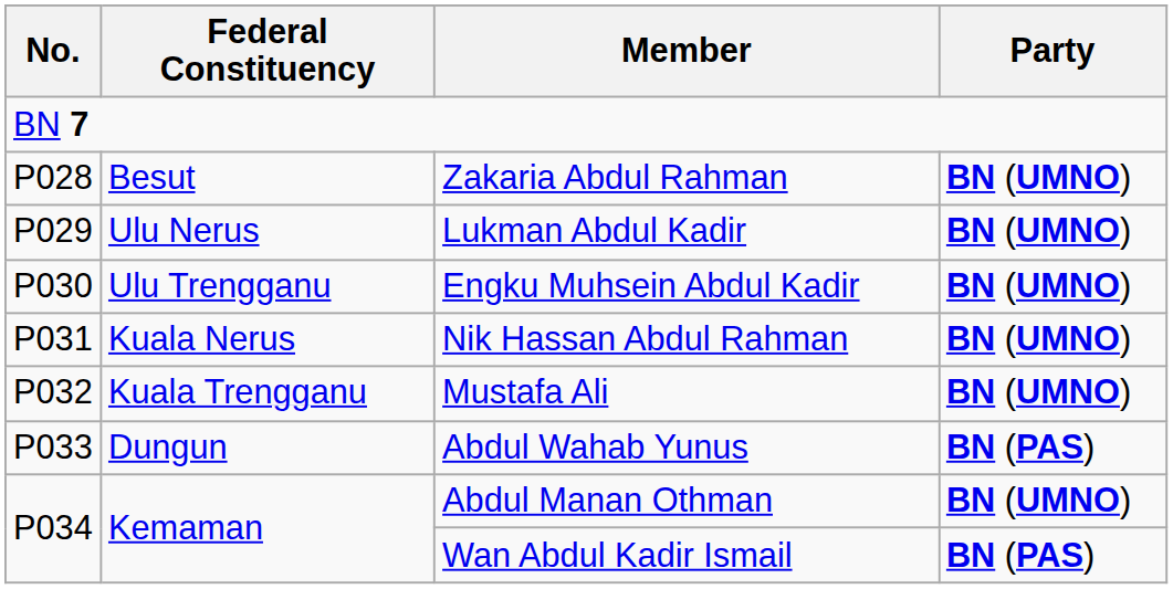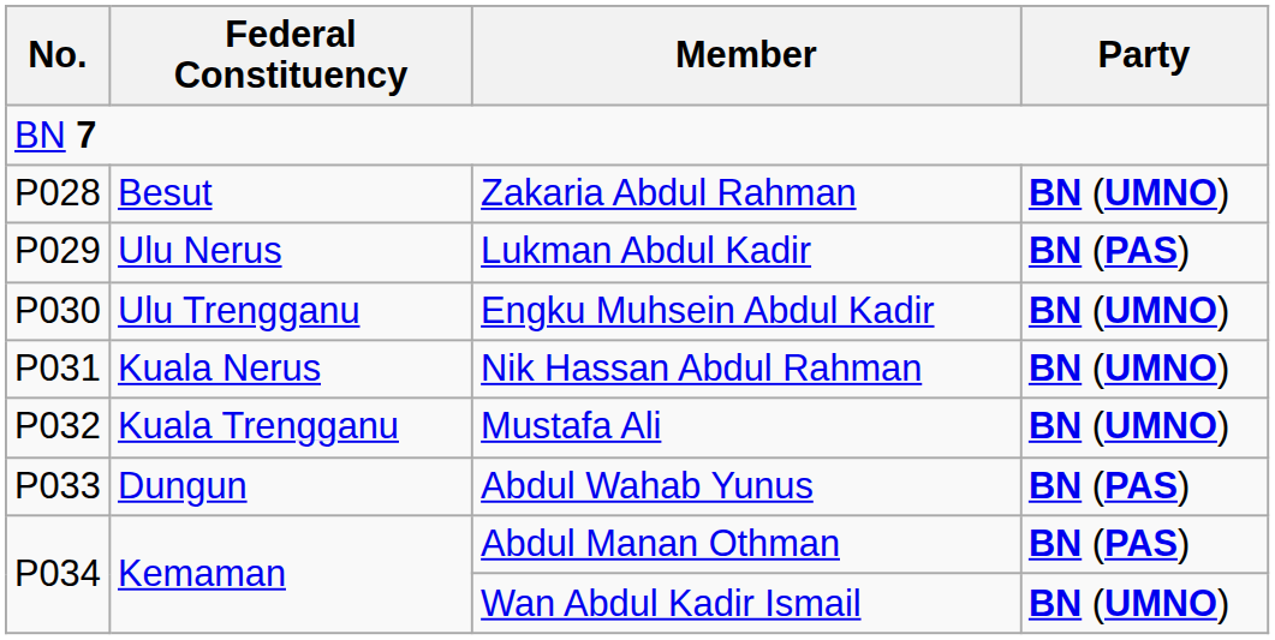 <table class="wikitable sortable">
 <tr>
 <th style="width:30px;">No.</th>
 <th style="width:150px;">Federal Constituency</th>
 <th style="width:230px;">Member</th>
 <th style="width:100px;">Party</th>
 </tr>
 <tr>
 <td colspan="4"><a href='#'>BN</a> <strong>7</strong></td>
 </tr>
 <tr>
 <td>P028</td>
 <td><a href='#'>Besut</a></td>
 <td><a href='#'>Zakaria Abdul Rahman</a></td>
 <td><strong><a href='#'>BN</a></strong> (<strong><a href='#'>UMNO</a></strong>)</td>
 </tr>
 <tr>
 <td>P029</td>
 <td><a href='#'>Ulu Nerus</a></td>
 <td><a href='#'>Lukman Abdul Kadir</a></td>
-<td><strong><a href='#'>BN</a></strong> (<strong><a href='#'>UMNO</a></strong>)</td>
+<td><strong><a href='#'>BN</a></strong> (<strong><a href='#'>PAS</a></strong>)</td>
 </tr>
 <tr>
 <td>P030</td>
 <td><a href='#'>Ulu Trengganu</a></td>
 <td><a href='#'>Engku Muhsein Abdul Kadir</a></td>
 <td><strong><a href='#'>BN</a></strong> (<strong><a href='#'>UMNO</a></strong>)</td>
 </tr>
 <tr>
 <td>P031</td>
 <td><a href='#'>Kuala Nerus</a></td>
 <td><a href='#'>Nik Hassan Abdul Rahman</a></td>
 <td><strong><a href='#'>BN</a></strong> (<strong><a href='#'>UMNO</a></strong>)</td>
 </tr>
 <tr>
 <td>P032</td>
 <td><a href='#'>Kuala Trengganu</a></td>
 <td><a href='#'>Mustafa Ali</a></td>
 <td><strong><a href='#'>BN</a></strong> (<strong><a href='#'>UMNO</a></strong>)</td>
 </tr>
 <tr>
 <td>P033</td>
 <td><a href='#'>Dungun</a></td>
 <td><a href='#'>Abdul Wahab Yunus</a></td>
 <td><strong><a href='#'>BN</a></strong> (<strong><a href='#'>PAS</a></strong>)</td>
 </tr>
 <tr>
 <td rowspan=2>P034</td>
 <td rowspan=2><a href='#'>Kemaman</a></td>
 <td><a href='#'>Abdul Manan Othman</a> </td>
-<td><strong><a href='#'>BN</a></strong> (<strong><a href='#'>UMNO</a></strong>)</td>
+<td><strong><a href='#'>BN</a></strong> (<strong><a href='#'>PAS</a></strong>)</td>
 </tr>
 <tr>
 <td><a href='#'>Wan Abdul Kadir Ismail</a> </td>
-<td><strong><a href='#'>BN</a></strong> (<strong><a href='#'>PAS</a></strong>)</td>
+<td><strong><a href='#'>BN</a></strong> (<strong><a href='#'>UMNO</a></strong>)</td>
 </tr>
 </table>
